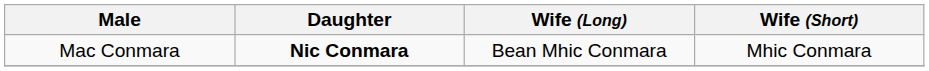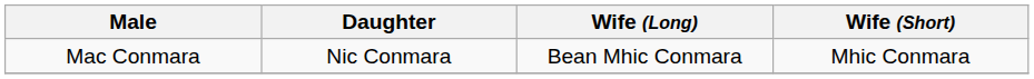 <table class="wikitable" style="text-align:right">
 <tr>
 <th width=20%>Male</th>
 <th width=20%>Daughter</th>
 <th width=20%>Wife <em><small>(Long)</small></em></th>
 <th width=20%>Wife <em><small>(Short)</small></em></th>
 </tr>
 <tr>
 <td align="center">Mac Conmara</td>
-<td align="center"><strong>Nic Conmara</strong></td>
+<td align="center">Nic Conmara</td>
 <td align="center">Bean Mhic Conmara</td>
 <td align="center">Mhic Conmara</td>
 </tr>
 <tr>
 </tr>
 </table>
